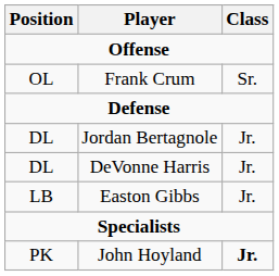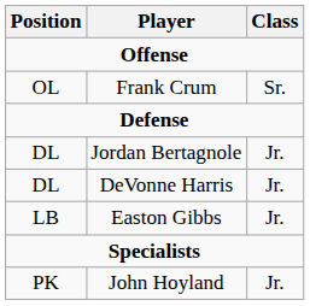 <table class="wikitable">
 <tr>
 <th>Position</th>
 <th>Player</th>
 <th>Class</th>
 </tr>
 <tr>
 <td colspan="4" style="text-align:center; "><strong>Offense</strong></td>
 </tr>
 <tr style="text-align:center;">
 <td>OL</td>
 <td>Frank Crum</td>
 <td>Sr.</td>
 </tr>
 <tr>
 <td colspan="4" style="text-align:center; "><strong>Defense</strong></td>
 </tr>
 <tr style="text-align:center;">
 <td>DL</td>
 <td>Jordan Bertagnole</td>
 <td>Jr.</td>
 </tr>
 <tr style="text-align:center;">
 <td>DL</td>
 <td>DeVonne Harris</td>
 <td>Jr.</td>
 </tr>
 <tr style="text-align:center;">
 <td>LB</td>
 <td>Easton Gibbs</td>
 <td>Jr.</td>
 </tr>
 <tr>
 <td colspan="4" style="text-align:center; "><strong>Specialists</strong></td>
 </tr>
 <tr style="text-align:center;">
 <td>PK</td>
 <td>John Hoyland</td>
-<td><strong>Jr.</strong></td>
+<td>Jr.</td>
 </tr>
 </table>
